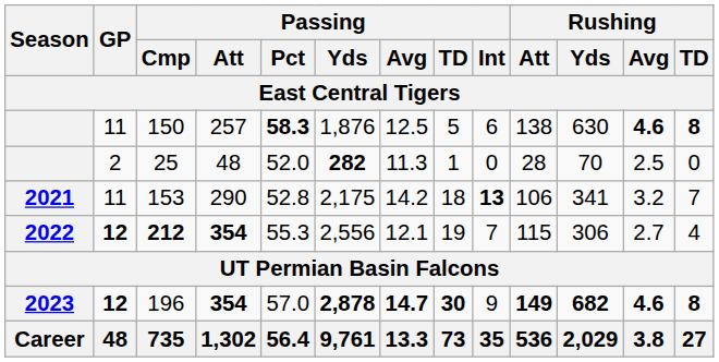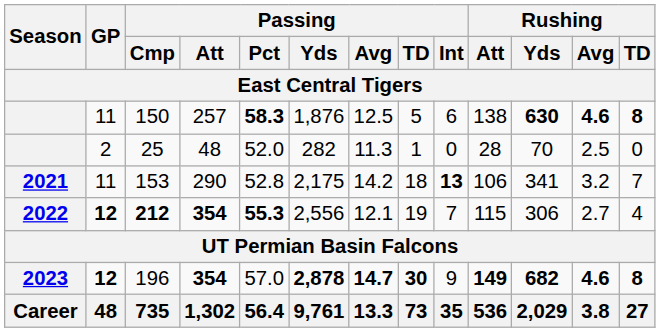 <table class="wikitable" style="text-align:center;">
 <tr>
 <th rowspan="2">Season</th>
 <th rowspan="2">GP</th>
 <th colspan="7">Passing</th>
 <th colspan="4">Rushing</th>
 </tr>
 <tr>
 <th>Cmp</th>
 <th>Att</th>
 <th>Pct</th>
 <th>Yds</th>
 <th>Avg</th>
 <th>TD</th>
 <th>Int</th>
 <th>Att</th>
 <th>Yds</th>
 <th>Avg</th>
 <th>TD</th>
 </tr>
 <tr>
 <th colspan="13">East Central Tigers</th>
 </tr>
 <tr>
 <th></th>
 <td>11</td>
 <td>150</td>
 <td>257</td>
 <td><strong>58.3</strong></td>
 <td>1,876</td>
 <td>12.5</td>
 <td>5</td>
 <td>6</td>
 <td>138</td>
-<td>630</td>
+<td><strong>630</strong></td>
 <td><strong>4.6</strong></td>
 <td><strong>8</strong></td>
 </tr>
 <tr>
 <th></th>
 <td>2</td>
 <td>25</td>
 <td>48</td>
 <td>52.0</td>
-<td><strong>282</strong></td>
+<td>282</td>
 <td>11.3</td>
 <td>1</td>
 <td>0</td>
 <td>28</td>
 <td>70</td>
 <td>2.5</td>
 <td>0</td>
 </tr>
 <tr>
 <th><a href='#'>2021</a></th>
 <td>11</td>
 <td>153</td>
 <td>290</td>
 <td>52.8</td>
 <td>2,175</td>
 <td>14.2</td>
 <td>18</td>
 <td><strong>13</strong></td>
 <td>106</td>
 <td>341</td>
 <td>3.2</td>
 <td>7</td>
 </tr>
 <tr>
 <th><a href='#'>2022</a></th>
 <td><strong>12</strong></td>
 <td><strong>212</strong></td>
 <td><strong>354</strong></td>
-<td>55.3</td>
+<td><strong>55.3</strong></td>
 <td>2,556</td>
 <td>12.1</td>
 <td>19</td>
 <td>7</td>
 <td>115</td>
 <td>306</td>
 <td>2.7</td>
 <td>4</td>
 </tr>
 <tr>
 <th colspan="13">UT Permian Basin Falcons</th>
 </tr>
 <tr>
 <th><a href='#'>2023</a></th>
 <td><strong>12</strong></td>
 <td>196</td>
 <td><strong>354</strong></td>
 <td>57.0</td>
 <td><strong>2,878</strong></td>
 <td><strong>14.7</strong></td>
 <td><strong>30</strong></td>
 <td>9</td>
 <td><strong>149</strong></td>
 <td><strong>682</strong></td>
 <td><strong>4.6</strong></td>
 <td><strong>8</strong></td>
 </tr>
 <tr class="sortbottom" style="background:#eee;">
 <th><strong>Career</strong></th>
 <th>48</th>
 <th>735</th>
 <th>1,302</th>
 <th>56.4</th>
 <th>9,761</th>
 <th>13.3</th>
 <th>73</th>
 <th>35</th>
 <th>536</th>
 <th>2,029</th>
 <th>3.8</th>
 <th>27</th>
 </tr>
 </table>
